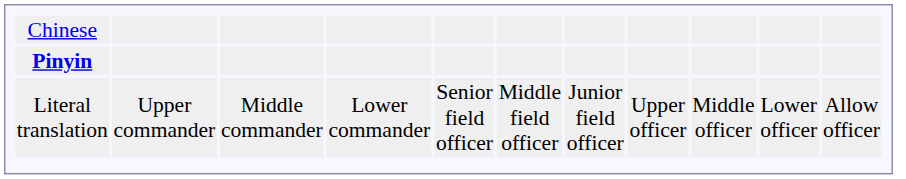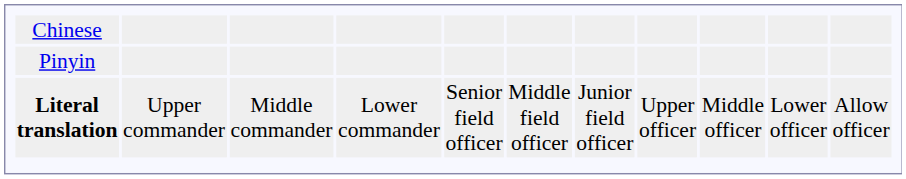 <table style="border:1px solid #8888aa; background-color:#f7f8ff; padding:5px; font-size:95%; margin: 0px 12px 12px 0px; text-align:center;">
 <tr style="background:#efefef;">
 <td><a href='#'>Chinese</a></td>
 <td colspan=4></td>
 <td colspan=2></td>
 <td colspan=4></td>
 <td colspan=2></td>
 <td colspan=2></td>
 <td colspan=2></td>
 <td colspan=2></td>
 <td colspan=2></td>
 <td colspan=2></td>
 <td colspan=2></td>
 </tr>
 <tr style="background:#efefef;">
-<td><strong><a href='#'>Pinyin</a></strong></td>
+<td><a href='#'>Pinyin</a></td>
 <td colspan=4></td>
 <td colspan=2></td>
 <td colspan=4></td>
 <td colspan=2></td>
 <td colspan=2></td>
 <td colspan=2></td>
 <td colspan=2></td>
 <td colspan=2></td>
 <td colspan=2></td>
 <td colspan=2></td>
 </tr>
 <tr style="background:#efefef;">
-<td>Literal translation</td>
+<td><strong>Literal translation</strong></td>
 <td colspan=4>Upper commander</td>
 <td colspan=2>Middle commander</td>
 <td colspan=4>Lower commander</td>
 <td colspan=2>Senior field officer</td>
 <td colspan=2>Middle field officer</td>
 <td colspan=2>Junior field officer</td>
 <td colspan=2>Upper officer</td>
 <td colspan=2>Middle officer</td>
 <td colspan=2>Lower officer</td>
 <td colspan=2>Allow officer</td>
 </tr>
 <tr style="text-align:center;">
 <td><strong></strong></td>
 <td colspan=4></td>
 <td colspan=2></td>
 <td colspan=2></td>
 <td colspan=2 rowspan=3></td>
 <td colspan=2></td>
 <td colspan=2></td>
 <td colspan=2></td>
 <td colspan=2></td>
 <td colspan=2></td>
 <td colspan=2></td>
 <td colspan=2></td>
 </tr>
 </table>
